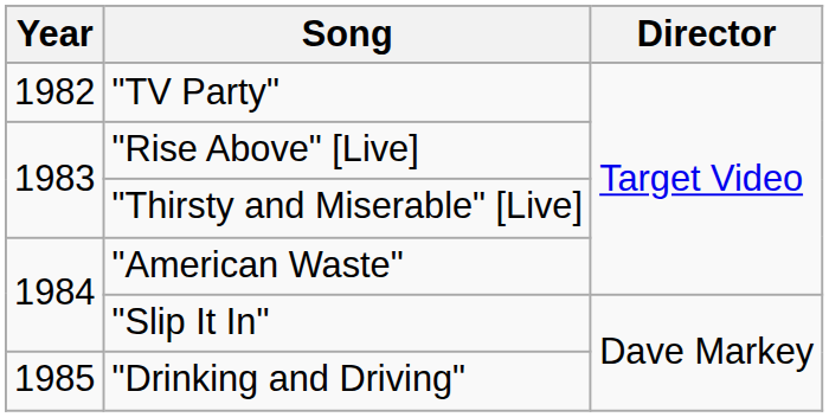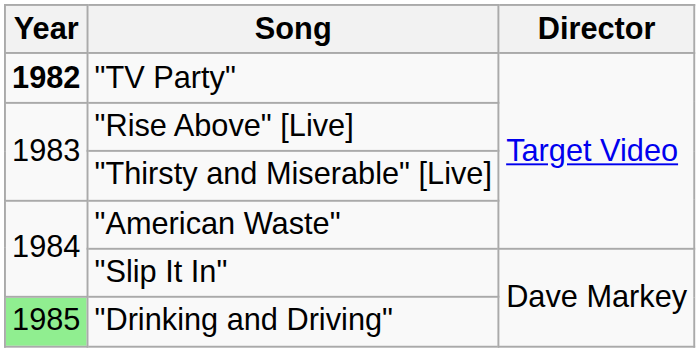 <table class ="wikitable">
 <tr>
 <th>Year</th>
 <th>Song</th>
 <th>Director</th>
 </tr>
 <tr>
-<td>1982</td>
+<td><strong>1982</strong></td>
 <td>"TV Party"</td>
 <td rowspan="4"><a href='#'>Target Video</a></td>
 </tr>
 <tr>
 <td rowspan="2">1983</td>
 <td>"Rise Above" [Live]</td>
 </tr>
 <tr>
 <td>"Thirsty and Miserable" [Live]</td>
 </tr>
 <tr>
 <td rowspan="2">1984</td>
 <td>"American Waste"</td>
 </tr>
 <tr>
 <td>"Slip It In"</td>
 <td rowspan="2">Dave Markey</td>
 </tr>
 <tr>
-<td>1985</td>
+<td style="background: lightgreen;">1985</td>
 <td>"Drinking and Driving"</td>
 </tr>
 </table>
